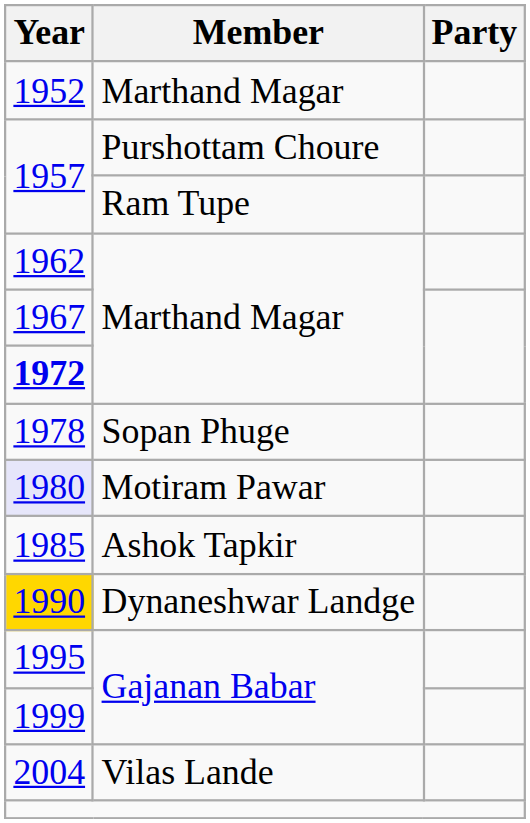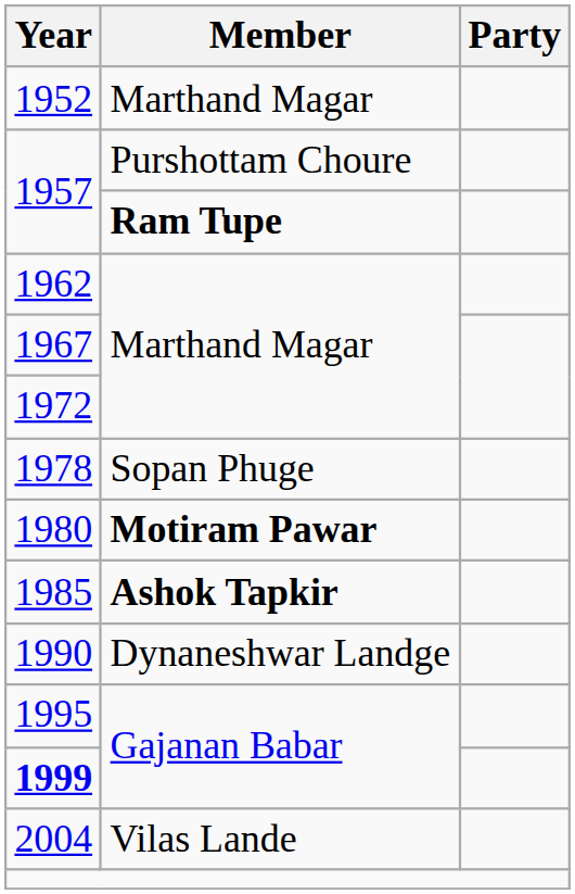 <table class=wikitable>
 <tr>
 <th>Year</th>
 <th>Member</th>
 <th colspan="2">Party</th>
 </tr>
 <tr>
 <td><a href='#'>1952</a></td>
 <td>Marthand Magar</td>
 <td></td>
 </tr>
 <tr>
 <td rowspan="2"><a href='#'>1957</a></td>
 <td>Purshottam Choure</td>
 <td></td>
 </tr>
 <tr>
-<td>Ram Tupe</td>
+<td><strong>Ram Tupe</strong></td>
 <td></td>
 </tr>
 <tr>
 <td><a href='#'>1962</a></td>
 <td rowspan="3">Marthand Magar</td>
 <td></td>
 </tr>
 <tr>
 <td><a href='#'>1967</a></td>
 </tr>
 <tr>
-<td><strong><a href='#'>1972</a></strong></td>
+<td><a href='#'>1972</a></td>
 </tr>
 <tr>
 <td><a href='#'>1978</a></td>
 <td>Sopan Phuge</td>
 <td></td>
 </tr>
 <tr>
-<td style="background: lavender;"><a href='#'>1980</a></td>
-<td>Motiram Pawar</td>
+<td><a href='#'>1980</a></td>
+<td><strong>Motiram Pawar</strong></td>
 <td></td>
 </tr>
 <tr>
 <td><a href='#'>1985</a></td>
-<td>Ashok Tapkir</td>
+<td><strong>Ashok Tapkir</strong></td>
 <td></td>
 </tr>
 <tr>
-<td style="background: gold;"><a href='#'>1990</a></td>
+<td><a href='#'>1990</a></td>
 <td>Dynaneshwar Landge</td>
 </tr>
 <tr>
 <td><a href='#'>1995</a></td>
 <td rowspan="2"><a href='#'>Gajanan Babar</a></td>
 <td></td>
 </tr>
 <tr>
-<td><a href='#'>1999</a></td>
+<td><strong><a href='#'>1999</a></strong></td>
 </tr>
 <tr>
 <td><a href='#'>2004</a></td>
 <td>Vilas Lande</td>
 <td></td>
 </tr>
 <tr>
 <td colspan="4"></td>
 </tr>
 </table>
